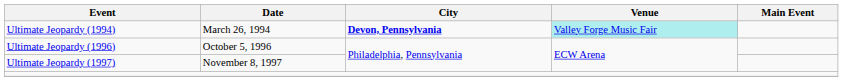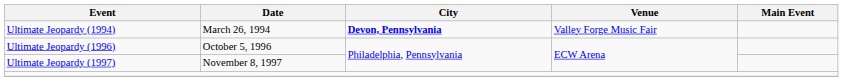 <table class="wikitable sortable" style="align: center" width=100%>
 <tr>
 <th>Event</th>
 <th>Date</th>
 <th>City</th>
 <th>Venue</th>
 <th>Main Event</th>
 </tr>
 <tr>
 <td><a href='#'>Ultimate Jeopardy (1994)</a></td>
 <td>March 26, 1994</td>
 <td><strong><a href='#'>Devon, Pennsylvania</a></strong></td>
-<td style="background: paleturquoise;"><a href='#'>Valley Forge Music Fair</a></td>
+<td><a href='#'>Valley Forge Music Fair</a></td>
 <td></td>
 </tr>
 <tr>
 <td><a href='#'>Ultimate Jeopardy (1996)</a></td>
 <td>October 5, 1996</td>
 <td rowspan="2"><a href='#'>Philadelphia</a>, <a href='#'>Pennsylvania</a></td>
 <td rowspan="2"><a href='#'>ECW Arena</a></td>
 <td></td>
 </tr>
 <tr>
 <td><a href='#'>Ultimate Jeopardy (1997)</a></td>
 <td>November 8, 1997</td>
 <td></td>
 </tr>
 <tr>
 <td colspan="10"></td>
 </tr>
 <tr>
 </tr>
 </table>
